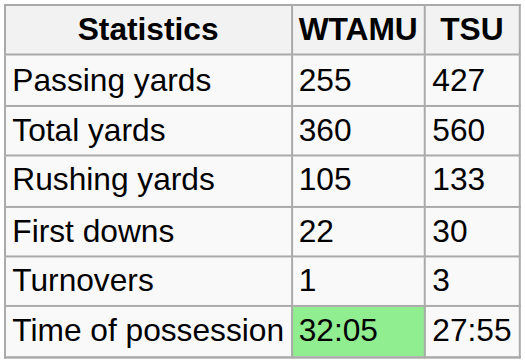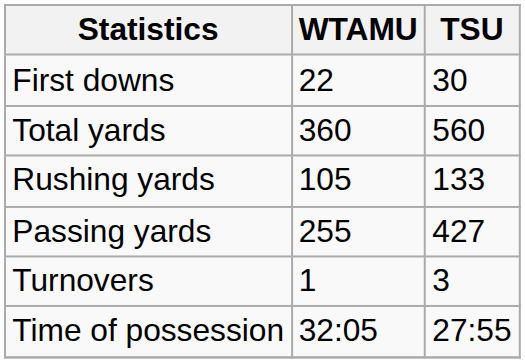 <table class="wikitable">
 <tr>
 <th>Statistics</th>
 <th>WTAMU</th>
 <th>TSU</th>
 </tr>
 <tr>
-<td>Passing yards</td>
-<td>255</td>
-<td>427</td>
+<td>First downs</td>
+<td>22</td>
+<td>30</td>
 </tr>
 <tr>
 <td>Total yards</td>
 <td>360</td>
 <td>560</td>
 </tr>
 <tr>
 <td>Rushing yards</td>
 <td>105</td>
 <td>133</td>
 </tr>
 <tr>
-<td>First downs</td>
-<td>22</td>
-<td>30</td>
+<td>Passing yards</td>
+<td>255</td>
+<td>427</td>
 </tr>
 <tr>
 <td>Turnovers</td>
 <td>1</td>
 <td>3</td>
 </tr>
 <tr>
 <td>Time of possession</td>
-<td style="background: lightgreen;">32:05</td>
+<td>32:05</td>
 <td>27:55</td>
 </tr>
 <tr>
 </tr>
 </table>
